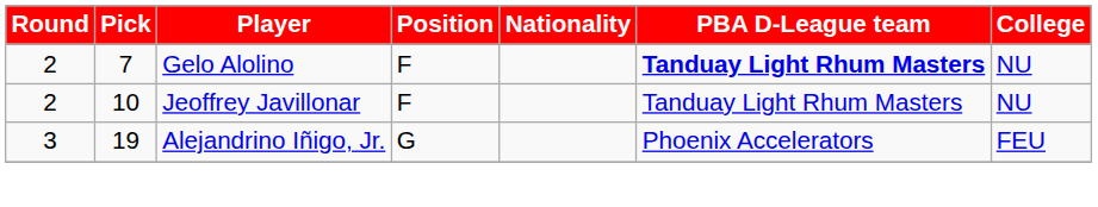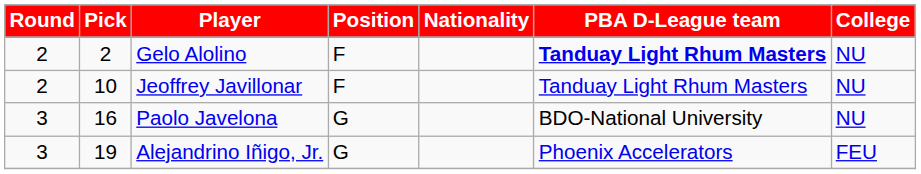 <table class="wikitable sortable sortable">
 <tr>
 <th style="background:#FF0000; color:#FFFFFF; ">Round</th>
 <th style="background:#FF0000; color:#FFFFFF; ">Pick</th>
 <th style="background:#FF0000; color:#FFFFFF; ">Player</th>
 <th style="background:#FF0000; color:#FFFFFF; ">Position</th>
 <th style="background:#FF0000; color:#FFFFFF; ">Nationality</th>
 <th style="background:#FF0000; color:#FFFFFF; ">PBA D-League team</th>
 <th style="background:#FF0000; color:#FFFFFF; ">College</th>
 </tr>
 <tr>
 <td align=center>2</td>
-<td align=center>7</td>
+<td align=center>2</td>
 <td><a href='#'>Gelo Alolino</a></td>
 <td>F</td>
 <td></td>
 <td><strong><a href='#'>Tanduay Light Rhum Masters</a></strong></td>
 <td><a href='#'>NU</a></td>
 </tr>
 <tr>
 <td align=center>2</td>
 <td align=center>10</td>
 <td><a href='#'>Jeoffrey Javillonar</a></td>
 <td>F</td>
 <td></td>
 <td><a href='#'>Tanduay Light Rhum Masters</a></td>
 <td><a href='#'>NU</a></td>
 </tr>
 <tr>
 <td align=center>3</td>
+<td align=center>16</td>
+<td><a href='#'>Paolo Javelona</a></td>
+<td>G</td>
+<td></td>
+<td>BDO-National University</td>
+<td><a href='#'>NU</a></td>
+</tr>
+<tr>
+<td align=center>3</td>
 <td align=center>19</td>
 <td><a href='#'>Alejandrino Iñigo, Jr.</a></td>
 <td>G</td>
 <td></td>
 <td><a href='#'>Phoenix Accelerators</a></td>
 <td><a href='#'>FEU</a></td>
 </tr>
 <tr>
 </tr>
 </table>
